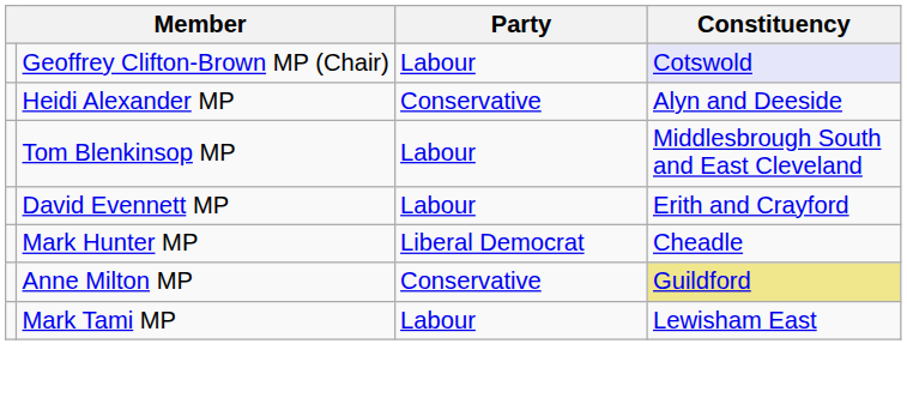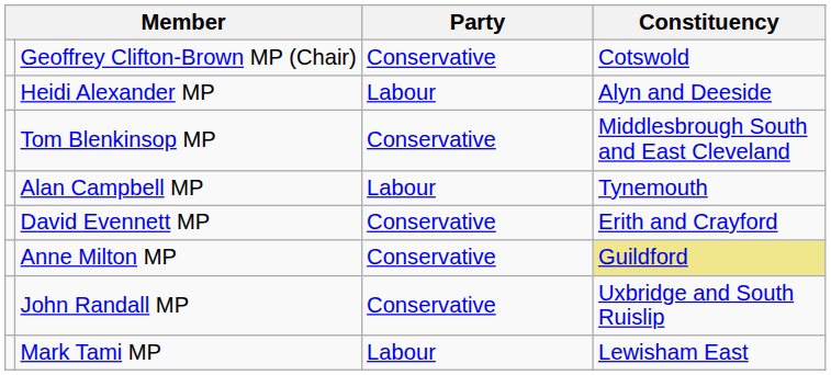 <table class="wikitable">
 <tr>
 <th colspan="2">Member</th>
 <th valign="top" width="160px">Party</th>
 <th valign="top" width="160px">Constituency</th>
 </tr>
 <tr>
 <td style="color:inherit;background:"></td>
 <td><a href='#'>Geoffrey Clifton-Brown</a> MP (Chair)</td>
-<td><a href='#'>Labour</a></td>
-<td style="background: lavender;"><a href='#'>Cotswold</a></td>
+<td><a href='#'>Conservative</a></td>
+<td><a href='#'>Cotswold</a></td>
 </tr>
 <tr>
 <td style="color:inherit;background:"></td>
 <td><a href='#'>Heidi Alexander</a> MP</td>
-<td><a href='#'>Conservative</a></td>
+<td><a href='#'>Labour</a></td>
 <td><a href='#'>Alyn and Deeside</a></td>
 </tr>
 <tr>
 <td style="color:inherit;background:"></td>
 <td><a href='#'>Tom Blenkinsop</a> MP</td>
-<td><a href='#'>Labour</a></td>
+<td><a href='#'>Conservative</a></td>
 <td><a href='#'>Middlesbrough South and East Cleveland</a></td>
 </tr>
 <tr>
 <td style="color:inherit;background:"></td>
-<td><a href='#'>David Evennett</a> MP</td>
+<td><a href='#'>Alan Campbell</a> MP</td>
 <td><a href='#'>Labour</a></td>
-<td><a href='#'>Erith and Crayford</a></td>
+<td><a href='#'>Tynemouth</a></td>
 </tr>
 <tr>
 <td style="color:inherit;background:"></td>
-<td><a href='#'>Mark Hunter</a> MP</td>
-<td><a href='#'>Liberal Democrat</a></td>
-<td><a href='#'>Cheadle</a></td>
+<td><a href='#'>David Evennett</a> MP</td>
+<td><a href='#'>Conservative</a></td>
+<td><a href='#'>Erith and Crayford</a></td>
 </tr>
 <tr>
 <td style="color:inherit;background:"></td>
 <td><a href='#'>Anne Milton</a> MP</td>
 <td><a href='#'>Conservative</a></td>
 <td style="background: khaki;"><a href='#'>Guildford</a></td>
 </tr>
 <tr>
 <td style="color:inherit;background:"></td>
+<td><a href='#'>John Randall</a> MP</td>
+<td><a href='#'>Conservative</a></td>
+<td><a href='#'>Uxbridge and South Ruislip</a></td>
+</tr>
+<tr>
+<td style="color:inherit;background:"></td>
 <td><a href='#'>Mark Tami</a> MP</td>
 <td><a href='#'>Labour</a></td>
 <td><a href='#'>Lewisham East</a></td>
 </tr>
 </table>
